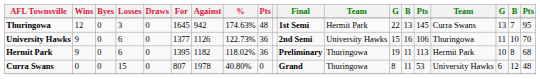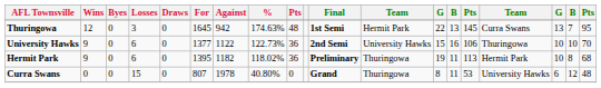 <table class="wikitable" style="font-size: 85%; text-align: left">
 <tr>
 <th style="color:crimson">AFL Townsville</th>
 <th style="color:crimson">Wins</th>
 <th style="color:crimson">Byes</th>
 <th style="color:crimson">Losses</th>
 <th style="color:crimson">Draws</th>
 <th style="color:crimson">For</th>
 <th style="color:crimson">Against</th>
 <th style="color:crimson">%</th>
 <th style="color:crimson">Pts</th>
 <th></th>
 <th style="color:green">Final</th>
 <th style="color:green">Team</th>
 <th style="color:green">G</th>
 <th style="color:green">B</th>
 <th style="color:green">Pts</th>
 <th style="color:green">Team</th>
 <th style="color:green">G</th>
 <th style="color:green">B</th>
 <th style="color:green">Pts</th>
 </tr>
 <tr>
 </tr>
 <tr>
 </tr>
 <tr>
 <td><strong>	Thuringowa	</strong></td>
 <td>12</td>
 <td>0</td>
 <td>3</td>
 <td>0</td>
 <td>1645</td>
 <td>942</td>
 <td>174.63%</td>
 <td>48</td>
 <td></td>
 <td><strong>1st Semi</strong></td>
 <td>Hermit Park</td>
 <td>22</td>
 <td>13</td>
 <td>145</td>
 <td>Curra Swans</td>
 <td>13</td>
 <td>7</td>
 <td>95</td>
 </tr>
 <tr>
 <td><strong>	University Hawks	</strong></td>
 <td>9</td>
 <td>0</td>
 <td>6</td>
 <td>0</td>
 <td>1377</td>
-<td>1126</td>
+<td>1122</td>
 <td>122.73%</td>
 <td>36</td>
 <td></td>
 <td><strong>2nd Semi</strong></td>
 <td>University Hawks</td>
 <td>15</td>
 <td>16</td>
 <td>106</td>
 <td>Thuringowa</td>
-<td>11</td>
+<td>10</td>
 <td>10</td>
 <td>70</td>
 </tr>
 <tr>
 <td><strong>	Hermit Park	</strong></td>
 <td>9</td>
 <td>0</td>
 <td>6</td>
 <td>0</td>
 <td>1395</td>
 <td>1182</td>
 <td>118.02%</td>
 <td>36</td>
 <td></td>
 <td><strong>Preliminary</strong></td>
 <td>Thuringowa</td>
 <td>19</td>
 <td>11</td>
 <td>113</td>
 <td>Hermit Park</td>
 <td>10</td>
 <td>8</td>
 <td>68</td>
 </tr>
 <tr>
 <td><strong>	Curra Swans	</strong></td>
 <td>0</td>
 <td>0</td>
 <td>15</td>
 <td>0</td>
 <td>807</td>
 <td>1978</td>
 <td>40.80%</td>
 <td>0</td>
 <td></td>
 <td><strong>Grand</strong></td>
 <td>Thuringowa</td>
 <td>8</td>
 <td>11</td>
 <td>53</td>
 <td>University Hawks</td>
 <td>6</td>
 <td>12</td>
 <td>48</td>
 </tr>
 <tr>
 </tr>
 </table>
